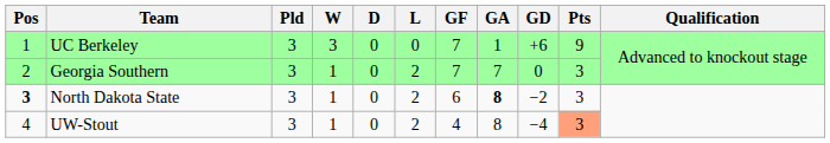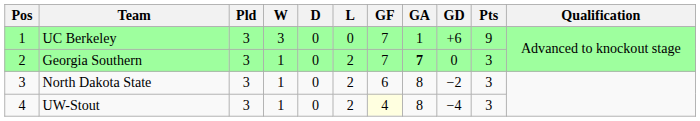 <table class="wikitable" style="text-align:center; margin: 1em auto">
 <tr>
 <th style="width:2em">Pos</th>
 <th style="width:13em">Team</th>
 <th style="width:2em">Pld</th>
 <th style="width:2em">W</th>
 <th style="width:2em">D</th>
 <th style="width:2em">L</th>
 <th style="width:2em">GF</th>
 <th style="width:2em">GA</th>
 <th style="width:2em">GD</th>
 <th style="width:2em">Pts</th>
 <th style="width:13em">Qualification</th>
 </tr>
 <tr bgcolor="#9eff9e">
 <td>1</td>
 <td style="text-align:left">UC Berkeley</td>
 <td>3</td>
 <td>3</td>
 <td>0</td>
 <td>0</td>
 <td>7</td>
 <td>1</td>
 <td>+6</td>
 <td>9</td>
 <td rowspan="2">Advanced to knockout stage</td>
 </tr>
 <tr bgcolor="#9eff9e">
 <td>2</td>
 <td style="text-align:left">Georgia Southern</td>
 <td>3</td>
 <td>1</td>
 <td>0</td>
 <td>2</td>
 <td>7</td>
-<td>7</td>
+<td><strong>7</strong></td>
 <td>0</td>
 <td>3</td>
 </tr>
 <tr>
-<td><strong>3</strong></td>
+<td>3</td>
 <td style="text-align:left">North Dakota State</td>
 <td>3</td>
 <td>1</td>
 <td>0</td>
 <td>2</td>
 <td>6</td>
-<td><strong>8</strong></td>
+<td>8</td>
 <td>−2</td>
 <td>3</td>
 <td rowspan="2"></td>
 </tr>
 <tr>
 <td>4</td>
 <td style="text-align:left">UW-Stout</td>
 <td>3</td>
 <td>1</td>
 <td>0</td>
 <td>2</td>
-<td>4</td>
+<td style="background: lightyellow;">4</td>
 <td>8</td>
 <td>−4</td>
-<td style="background: lightsalmon;">3</td>
+<td>3</td>
 </tr>
 </table>
